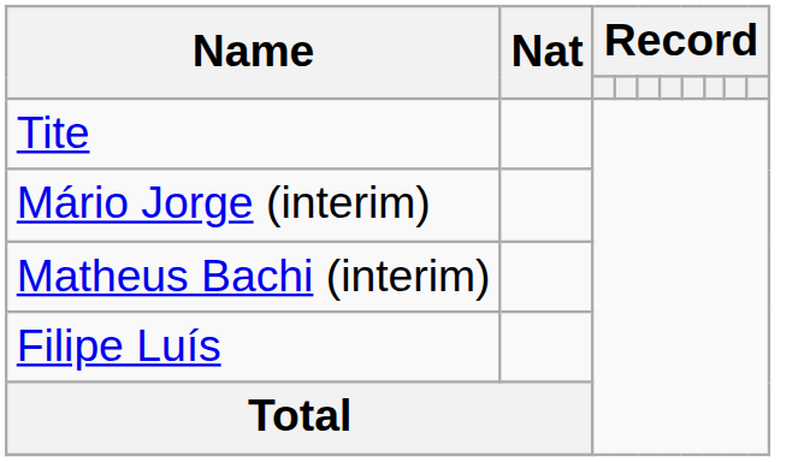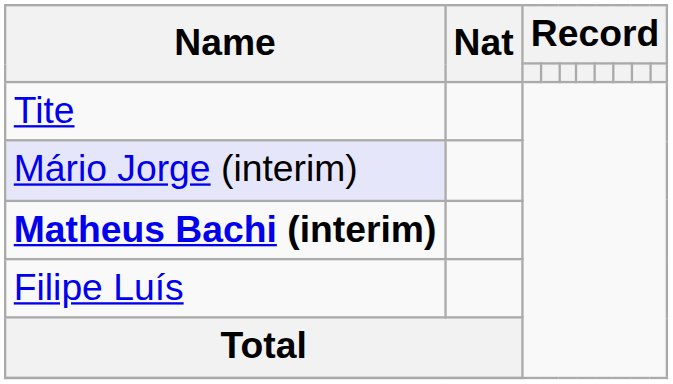 <table class="wikitable sortable">
 <tr>
 <th rowspan="2">Name</th>
 <th rowspan="2">Nat</th>
 <th colspan="8">Record</th>
 </tr>
 <tr>
 <th></th>
 <th></th>
 <th></th>
 <th></th>
 <th></th>
 <th></th>
 <th></th>
 <th></th>
 </tr>
 <tr>
 <td align=left><a href='#'>Tite</a></td>
 <td><br></td>
 </tr>
 <tr>
-<td align=left><a href='#'>Mário Jorge</a> (interim) </td>
+<td align=left style="background: lavender;"><a href='#'>Mário Jorge</a> (interim) </td>
 <td><br></td>
 </tr>
 <tr>
-<td align=left><a href='#'>Matheus Bachi</a> (interim) </td>
+<td align=left><strong><a href='#'>Matheus Bachi</a> (interim) </strong></td>
 <td><br></td>
 </tr>
 <tr>
 <td align=left><a href='#'>Filipe Luís</a></td>
 <td><br></td>
 </tr>
 <tr>
 <th colspan="2">Total<br></th>
 </tr>
 <tr>
 </tr>
 </table>
